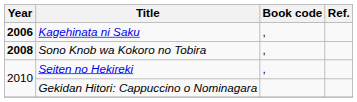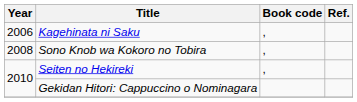 <table class="wikitable">
 <tr>
 <th>Year</th>
 <th>Title</th>
 <th>Book code</th>
 <th>Ref.</th>
 </tr>
 <tr>
-<td><strong>2006</strong></td>
+<td>2006</td>
 <td><em><a href='#'>Kagehinata ni Saku</a></em></td>
 <td>, </td>
 <td></td>
 </tr>
 <tr>
-<td><strong>2008</strong></td>
+<td>2008</td>
 <td><em>Sono Knob wa Kokoro no Tobira</em></td>
 <td>, </td>
 <td></td>
 </tr>
 <tr>
 <td rowspan="2">2010</td>
 <td><em><a href='#'>Seiten no Hekireki</a></em></td>
 <td>, </td>
 <td></td>
 </tr>
 <tr>
 <td><em>Gekidan Hitori: Cappuccino o Nominagara</em></td>
 <td></td>
 <td></td>
 </tr>
 <tr>
 </tr>
 </table>
